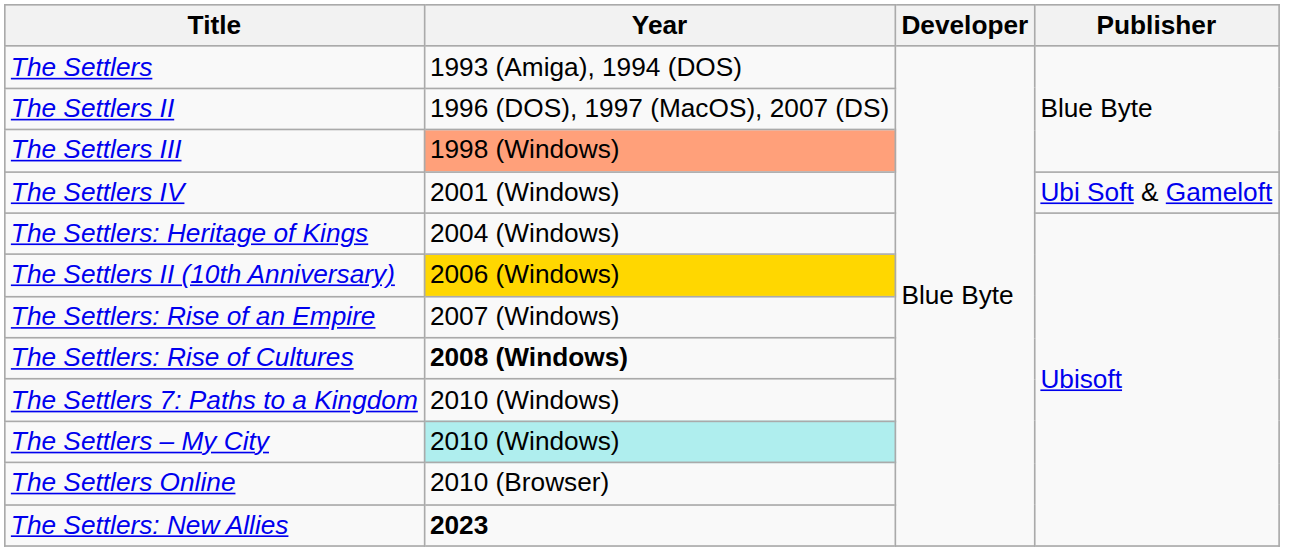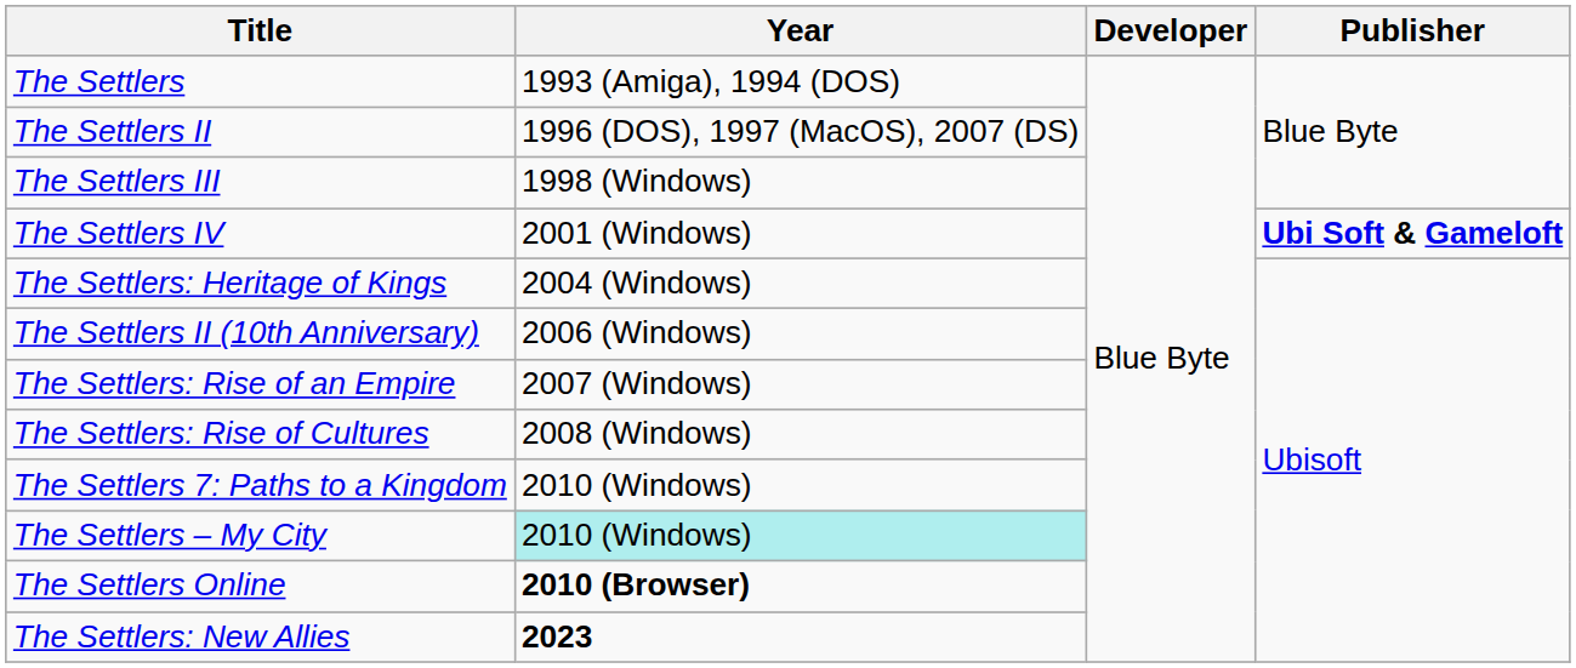 <table class="wikitable sortable">
 <tr>
 <th>Title</th>
 <th>Year</th>
 <th>Developer</th>
 <th>Publisher</th>
 </tr>
 <tr>
 <td><em><a href='#'>The Settlers</a></em></td>
 <td>1993 (Amiga), 1994 (DOS)</td>
 <td rowspan="12">Blue Byte</td>
 <td rowspan="3">Blue Byte</td>
 </tr>
 <tr>
 <td><em><a href='#'>The Settlers II</a></em></td>
 <td>1996 (DOS), 1997 (MacOS), 2007 (DS)</td>
 </tr>
 <tr>
 <td><em><a href='#'>The Settlers III</a></em></td>
-<td style="background: lightsalmon;">1998 (Windows)</td>
+<td>1998 (Windows)</td>
 </tr>
 <tr>
 <td><em><a href='#'>The Settlers IV</a></em></td>
 <td>2001 (Windows)</td>
-<td><a href='#'>Ubi Soft</a> & <a href='#'>Gameloft</a></td>
+<td><strong><a href='#'>Ubi Soft</a> & <a href='#'>Gameloft</a></strong></td>
 </tr>
 <tr>
 <td><em><a href='#'>The Settlers: Heritage of Kings</a></em></td>
 <td>2004 (Windows)</td>
 <td rowspan="8"><a href='#'>Ubisoft</a></td>
 </tr>
 <tr>
 <td><em><a href='#'>The Settlers II (10th Anniversary)</a></em></td>
-<td style="background: gold;">2006 (Windows)</td>
+<td>2006 (Windows)</td>
 </tr>
 <tr>
 <td><em><a href='#'>The Settlers: Rise of an Empire</a></em></td>
 <td>2007 (Windows)</td>
 </tr>
 <tr>
 <td><em><a href='#'>The Settlers: Rise of Cultures</a></em></td>
-<td><strong>2008 (Windows)</strong></td>
+<td>2008 (Windows)</td>
 </tr>
 <tr>
 <td><em><a href='#'>The Settlers 7: Paths to a Kingdom</a></em></td>
 <td>2010 (Windows)</td>
 </tr>
 <tr>
 <td><em><a href='#'>The Settlers – My City</a></em></td>
 <td style="background: paleturquoise;">2010 (Windows)</td>
 </tr>
 <tr>
 <td><em><a href='#'>The Settlers Online</a></em></td>
-<td>2010 (Browser)</td>
+<td><strong>2010 (Browser)</strong></td>
 </tr>
 <tr>
 <td><em><a href='#'>The Settlers: New Allies</a></em></td>
 <td><strong>2023</strong></td>
 </tr>
 </table>
